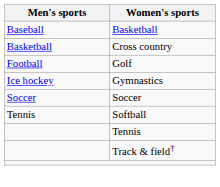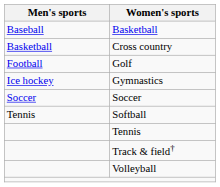 <table class="wikitable" style= " ">
 <tr>
 <th width=150px>Men's sports</th>
 <th width=150px>Women's sports</th>
 </tr>
 <tr>
 <td><a href='#'>Baseball</a></td>
 <td><a href='#'>Basketball</a></td>
 </tr>
 <tr>
 <td><a href='#'>Basketball</a></td>
 <td>Cross country</td>
 </tr>
 <tr>
 <td><a href='#'>Football</a></td>
 <td>Golf</td>
 </tr>
 <tr>
 <td><a href='#'>Ice hockey</a></td>
 <td>Gymnastics</td>
 </tr>
 <tr>
 <td><a href='#'>Soccer</a></td>
 <td>Soccer</td>
 </tr>
 <tr>
 <td>Tennis</td>
 <td>Softball</td>
 </tr>
 <tr>
 <td></td>
 <td>Tennis</td>
 </tr>
 <tr>
 <td></td>
 <td>Track & field<sup>†</sup></td>
 </tr>
 <tr>
+<td></td>
+<td>Volleyball</td>
+</tr>
+<tr>
 <td colspan="2"></td>
 </tr>
 </table>
